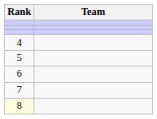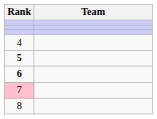 <table class="wikitable" style="text-align: center;">
 <tr>
 <th width=40>Rank</th>
 <th width=180>Team</th>
 </tr>
 <tr bgcolor="#ccccff">
 <td></td>
 <td align="left"></td>
 </tr>
 <tr bgcolor="#ccccff">
 <td></td>
 <td align="left"></td>
 </tr>
 <tr bgcolor="#ccccff">
 <td></td>
 <td align="left"></td>
 </tr>
 <tr>
 <td>4</td>
 <td align="left"></td>
 </tr>
 <tr>
-<td>5</td>
+<td><strong>5</strong></td>
 <td align="left"></td>
 </tr>
 <tr>
-<td>6</td>
+<td><strong>6</strong></td>
 <td align="left"></td>
 </tr>
 <tr>
-<td>7</td>
+<td style="background: pink;">7</td>
 <td align="left"></td>
 </tr>
 <tr>
-<td style="background: lightyellow;">8</td>
+<td>8</td>
 <td align="left"></td>
 </tr>
 </table>
